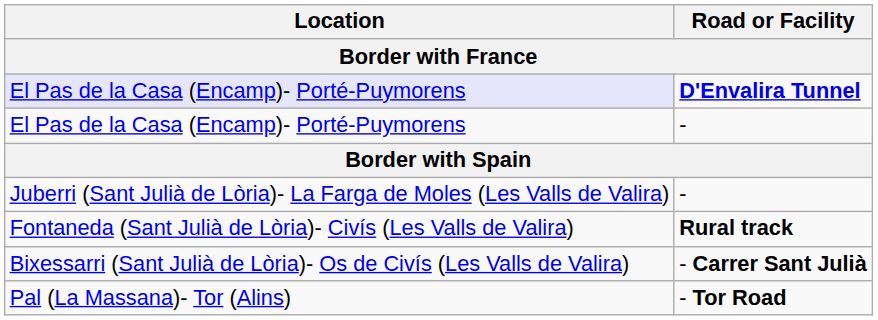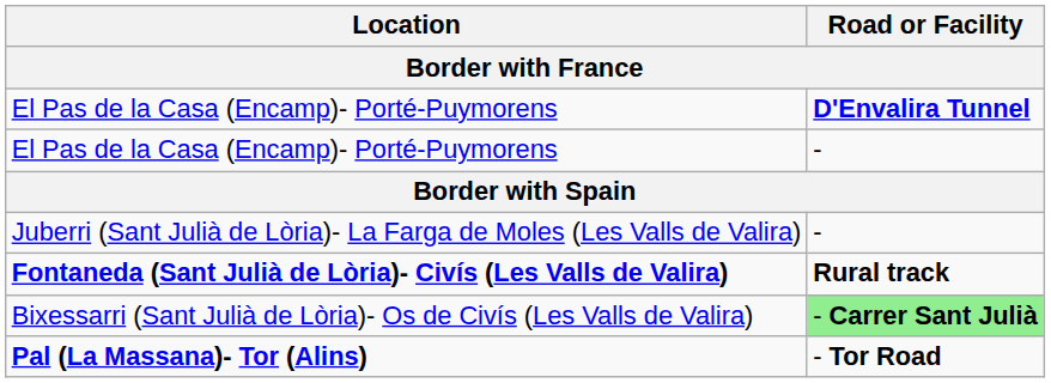 <table class="wikitable">
 <tr>
 <th>Location</th>
 <th>Road or Facility</th>
 </tr>
 <tr>
 <th colspan="2">Border with France</th>
 </tr>
 <tr>
-<td style="background: lavender;"> <a href='#'>El Pas de la Casa</a> (<a href='#'>Encamp</a>)- <a href='#'>Porté-Puymorens</a></td>
+<td> <a href='#'>El Pas de la Casa</a> (<a href='#'>Encamp</a>)- <a href='#'>Porté-Puymorens</a></td>
 <td><strong><a href='#'>D'Envalira Tunnel</a></strong></td>
 </tr>
 <tr>
 <td> <a href='#'>El Pas de la Casa</a> (<a href='#'>Encamp</a>)- <a href='#'>Porté-Puymorens</a></td>
 <td> - </td>
 </tr>
 <tr>
 <th colspan="2">Border with Spain</th>
 </tr>
 <tr>
 <td> <a href='#'>Juberri</a> (<a href='#'>Sant Julià de Lòria</a>)- <a href='#'>La Farga de Moles</a> (<a href='#'>Les Valls de Valira</a>)</td>
 <td> - </td>
 </tr>
 <tr>
-<td> <a href='#'>Fontaneda</a> (<a href='#'>Sant Julià de Lòria</a>)- <a href='#'>Civís</a> (<a href='#'>Les Valls de Valira</a>)</td>
+<td><strong> <a href='#'>Fontaneda</a> (<a href='#'>Sant Julià de Lòria</a>)- <a href='#'>Civís</a> (<a href='#'>Les Valls de Valira</a>)</strong></td>
 <td><strong>Rural track</strong></td>
 </tr>
 <tr>
 <td> <a href='#'>Bixessarri</a> (<a href='#'>Sant Julià de Lòria</a>)- <a href='#'>Os de Civís</a> (<a href='#'>Les Valls de Valira</a>)</td>
-<td> - <strong>Carrer Sant Julià</strong></td>
+<td style="background: lightgreen;"> - <strong>Carrer Sant Julià</strong></td>
 </tr>
 <tr>
-<td> <a href='#'>Pal</a> (<a href='#'>La Massana</a>)- <a href='#'>Tor</a> (<a href='#'>Alins</a>)</td>
+<td><strong> <a href='#'>Pal</a> (<a href='#'>La Massana</a>)- <a href='#'>Tor</a> (<a href='#'>Alins</a>)</strong></td>
 <td> - <strong>Tor Road</strong></td>
 </tr>
 </table>
